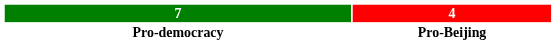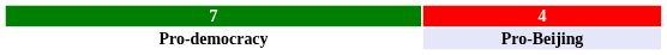 <table style="width:50%; text-align:center;">
 <tr style="color:white;">
 <td style="background:green; width:63.63%;"><strong>7</strong></td>
 <td style="background:red; width:36.37%;"><strong>4</strong></td>
 </tr>
 <tr>
 <td><span><strong>Pro-democracy</strong></span></td>
-<td><span><strong>Pro-Beijing</strong></span></td>
+<td style="background: lavender;"><span><strong>Pro-Beijing</strong></span></td>
 </tr>
 </table>
